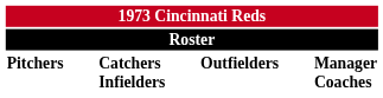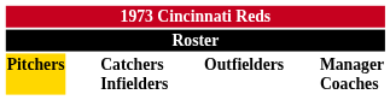 <table class="toccolours" style="font-size: 95%;">
 <tr>
 <th colspan="10" style="background-color: #c6011f; color: white; text-align: center;">1973 Cincinnati Reds</th>
 </tr>
 <tr>
 <td colspan="10" style="background-color: black; color: white; text-align: center;"><strong>Roster</strong></td>
 </tr>
 <tr>
-<td valign="top"><strong>Pitchers</strong><br>            </td>
+<td valign="top" style="background: gold;"><strong>Pitchers</strong><br>            </td>
 <td width="25px"></td>
 <td valign="top"><strong>Catchers</strong><br>    <strong>Infielders</strong>        </td>
 <td width="25px"></td>
 <td valign="top"><strong>Outfielders</strong><br>          </td>
 <td width="25px"></td>
 <td valign="top"><strong>Manager</strong><br> <strong>Coaches</strong>    </td>
 </tr>
 </table>
